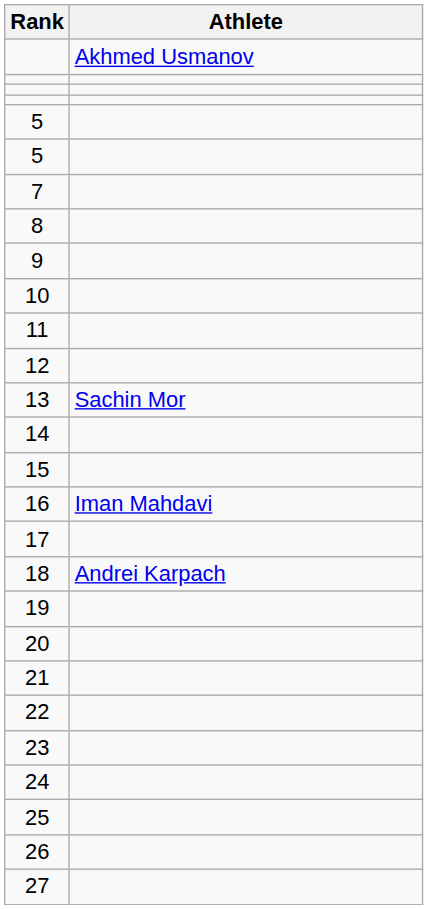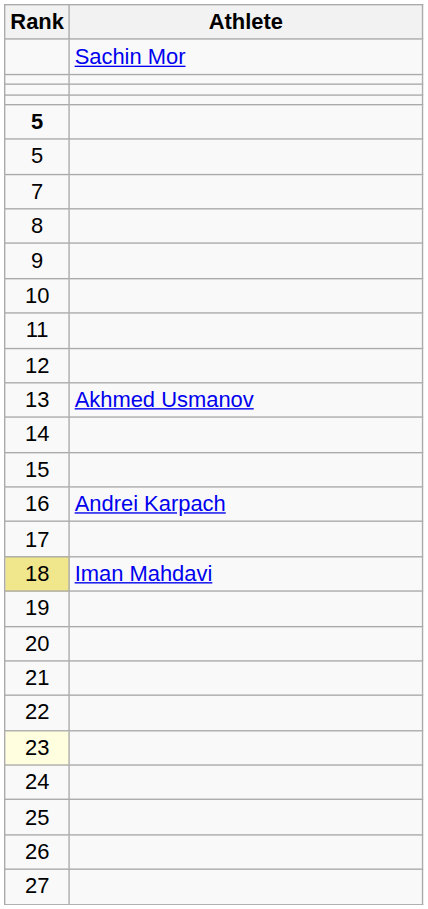 <table class="wikitable" style="text-align: center;">
 <tr>
 <th width=40>Rank</th>
 <th width=250>Athlete</th>
 </tr>
 <tr>
 <td></td>
-<td align="left"> <a href='#'>Akhmed Usmanov</a> </td>
+<td align="left"> <a href='#'>Sachin Mor</a> </td>
 </tr>
 <tr>
 <td></td>
 <td align="left"></td>
 </tr>
 <tr>
 <td></td>
 <td align="left"></td>
 </tr>
 <tr>
 <td></td>
 <td align="left"></td>
 </tr>
 <tr>
-<td>5</td>
+<td><strong>5</strong></td>
 <td align="left"></td>
 </tr>
 <tr>
 <td>5</td>
 <td align="left"></td>
 </tr>
 <tr>
 <td>7</td>
 <td align="left"></td>
 </tr>
 <tr>
 <td>8</td>
 <td align="left"></td>
 </tr>
 <tr>
 <td>9</td>
 <td align="left"></td>
 </tr>
 <tr>
 <td>10</td>
 <td align="left"></td>
 </tr>
 <tr>
 <td>11</td>
 <td align="left"></td>
 </tr>
 <tr>
 <td>12</td>
 <td align="left"></td>
 </tr>
 <tr>
 <td>13</td>
-<td align="left"> <a href='#'>Sachin Mor</a> </td>
+<td align="left"> <a href='#'>Akhmed Usmanov</a> </td>
 </tr>
 <tr>
 <td>14</td>
 <td align="left"></td>
 </tr>
 <tr>
 <td>15</td>
 <td align="left"></td>
 </tr>
 <tr>
 <td>16</td>
-<td align="left"> <a href='#'>Iman Mahdavi</a> </td>
+<td align="left"> <a href='#'>Andrei Karpach</a> </td>
 </tr>
 <tr>
 <td>17</td>
 <td align="left"></td>
 </tr>
 <tr>
-<td>18</td>
-<td align="left"> <a href='#'>Andrei Karpach</a> </td>
+<td style="background: khaki;">18</td>
+<td align="left"> <a href='#'>Iman Mahdavi</a> </td>
 </tr>
 <tr>
 <td>19</td>
 <td align="left"></td>
 </tr>
 <tr>
 <td>20</td>
 <td align="left"></td>
 </tr>
 <tr>
 <td>21</td>
 <td align="left"></td>
 </tr>
 <tr>
 <td>22</td>
 <td align="left"></td>
 </tr>
 <tr>
-<td>23</td>
+<td style="background: lightyellow;">23</td>
 <td align="left"></td>
 </tr>
 <tr>
 <td>24</td>
 <td align="left"></td>
 </tr>
 <tr>
 <td>25</td>
 <td align="left"></td>
 </tr>
 <tr>
 <td>26</td>
 <td align="left"></td>
 </tr>
 <tr>
 <td>27</td>
 <td align="left"></td>
 </tr>
 </table>
